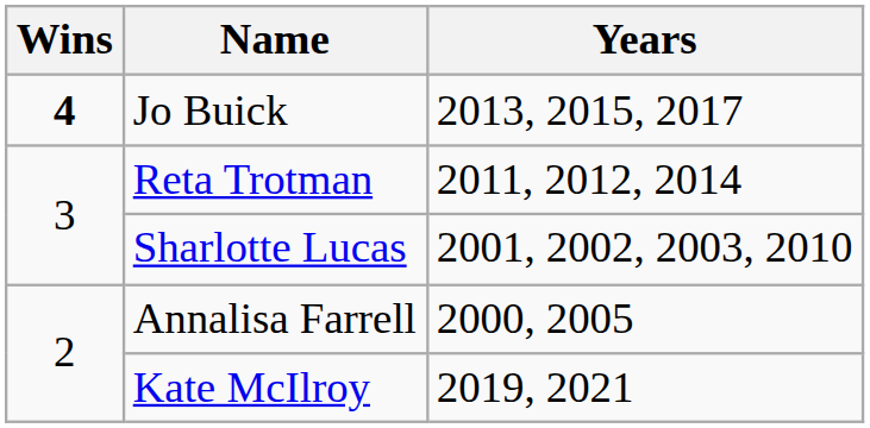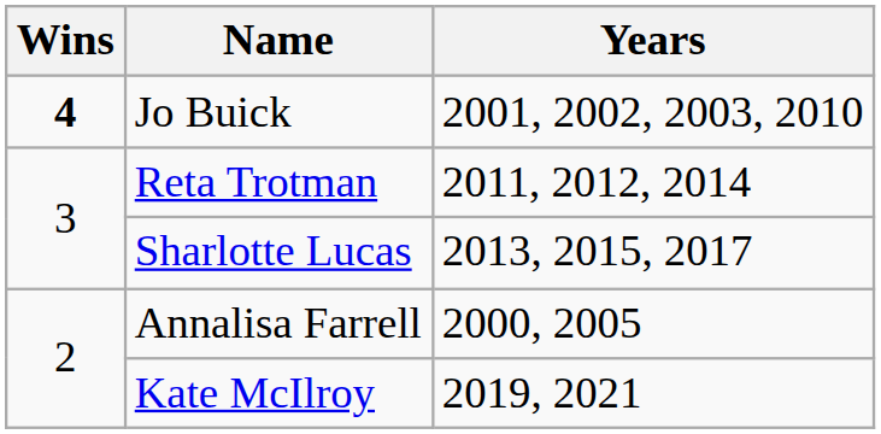 <table class="wikitable plainrowheaders sortable">
 <tr>
 <th>Wins</th>
 <th>Name</th>
 <th>Years</th>
 </tr>
 <tr>
 <td align=center><strong>4</strong></td>
 <td> Jo Buick</td>
-<td align=left>2013, 2015, 2017</td>
+<td align=left>2001, 2002, 2003, 2010</td>
 </tr>
 <tr>
 <td align=center rowspan=2>3</td>
 <td> <a href='#'>Reta Trotman</a></td>
 <td align=left>2011, 2012, 2014</td>
 </tr>
 <tr>
 <td> <a href='#'>Sharlotte Lucas</a></td>
-<td align=left>2001, 2002, 2003, 2010</td>
+<td align=left>2013, 2015, 2017</td>
 </tr>
 <tr>
 <td align=center rowspan=2>2</td>
 <td> Annalisa Farrell</td>
 <td align=left>2000, 2005</td>
 </tr>
 <tr>
 <td> <a href='#'>Kate McIlroy</a></td>
 <td align=left>2019, 2021</td>
 </tr>
 </table>
